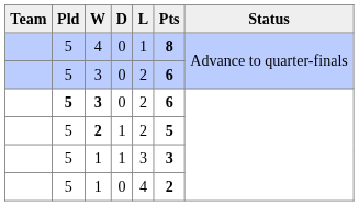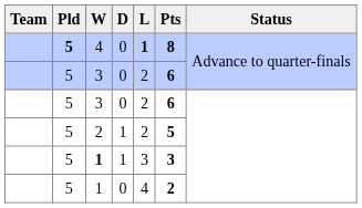 <table style=border-collapse:collapse border=1 cellspacing=0 cellpadding=5>
 <tr align=center bgcolor=#efefef>
 <th>Team</th>
 <th>Pld</th>
 <th>W</th>
 <th>D</th>
 <th>L</th>
 <th>Pts</th>
 <th>Status</th>
 </tr>
 <tr align=center style="background:#bbccff;">
 <td style="text-align:left;"> </td>
-<td>5</td>
+<td><strong>5</strong></td>
 <td>4</td>
 <td>0</td>
-<td>1</td>
+<td><strong>1</strong></td>
 <td><strong>8</strong></td>
 <td rowspan=2>Advance to quarter-finals</td>
 </tr>
 <tr align=center style="background:#bbccff;">
 <td style="text-align:left;"> </td>
 <td>5</td>
 <td>3</td>
 <td>0</td>
 <td>2</td>
 <td><strong>6</strong></td>
 </tr>
 <tr align=center style="background:#FFFFFF;">
 <td style="text-align:left;"> </td>
-<td><strong>5</strong></td>
-<td><strong>3</strong></td>
+<td>5</td>
+<td>3</td>
 <td>0</td>
 <td>2</td>
 <td><strong>6</strong></td>
 <td rowspan=4></td>
 </tr>
 <tr align=center style="background:#FFFFFF;">
 <td style="text-align:left;"> </td>
 <td>5</td>
-<td><strong>2</strong></td>
+<td>2</td>
 <td>1</td>
 <td>2</td>
 <td><strong>5</strong></td>
 </tr>
 <tr align=center style="background:#FFFFFF;">
 <td style="text-align:left;"> </td>
 <td>5</td>
-<td>1</td>
+<td><strong>1</strong></td>
 <td>1</td>
 <td>3</td>
 <td><strong>3</strong></td>
 </tr>
 <tr align=center style="background:#FFFFFF;">
 <td style="text-align:left;"> </td>
 <td>5</td>
 <td>1</td>
 <td>0</td>
 <td>4</td>
 <td><strong>2</strong></td>
 </tr>
 </table>
